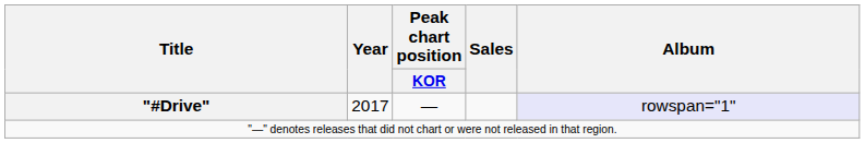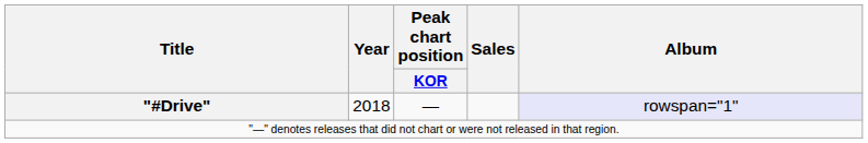 <table class="wikitable plainrowheaders" style="text-align:center">
 <tr>
 <th scope="col" rowspan="2" style="width:20em;">Title</th>
 <th scope="col" rowspan="2">Year</th>
 <th scope="col">Peak chart position</th>
 <th scope="col" rowspan="2">Sales</th>
 <th scope="col" rowspan="2" style="width:20em;">Album</th>
 </tr>
 <tr>
 <th style="width:3em;font-size:90%"><a href='#'>KOR</a><br></th>
 </tr>
 <tr>
 <th scope="row">"#Drive" <br></th>
-<td rowspan="1">2017</td>
+<td rowspan="1">2018</td>
 <td>—</td>
 <td></td>
 <td style="background: lavender;">rowspan="1" </td>
 </tr>
 <tr>
 <td colspan="5" style="font-size:8pt">"—" denotes releases that did not chart or were not released in that region.</td>
 </tr>
 </table>
